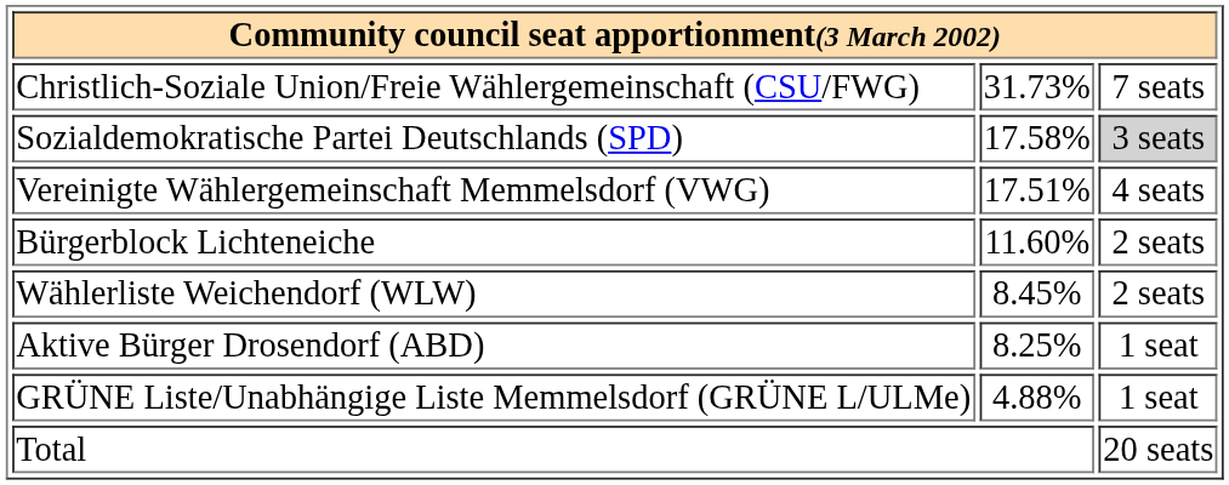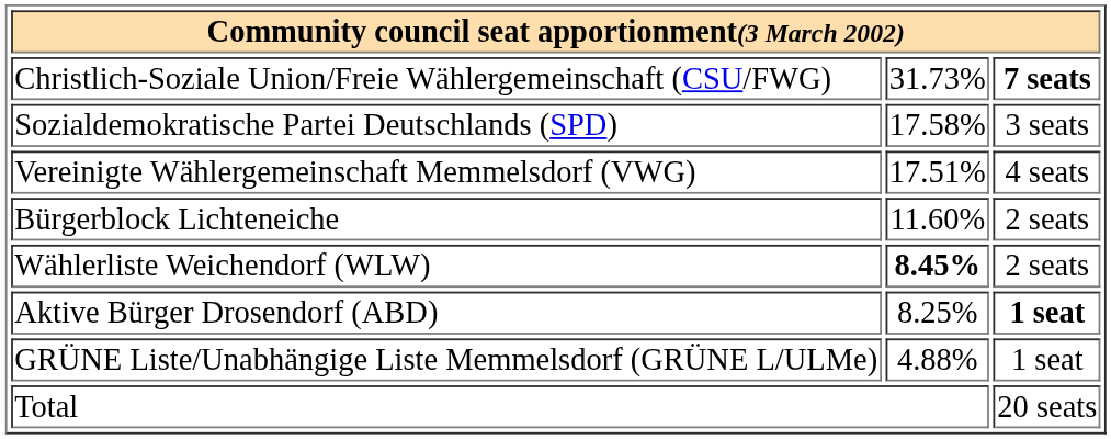 <table border="1" style="margin:auto;">
 <tr>
 <th colspan="3" style="background:#ffdead;">Community council seat apportionment<em><small>(3 March 2002)</small></em></th>
 </tr>
 <tr>
 <td>Christlich-Soziale Union/Freie Wählergemeinschaft (<a href='#'>CSU</a>/FWG)</td>
 <td style="text-align:center;">31.73%</td>
-<td style="text-align:center;">7 seats</td>
+<td style="text-align:center;"><strong>7 seats</strong></td>
 </tr>
 <tr>
 <td>Sozialdemokratische Partei Deutschlands (<a href='#'>SPD</a>)</td>
 <td style="text-align:center;">17.58%</td>
-<td style="background: lightgrey; text-align:center;">3 seats</td>
+<td style="text-align:center;">3 seats</td>
 </tr>
 <tr>
 <td>Vereinigte Wählergemeinschaft Memmelsdorf (VWG)</td>
 <td style="text-align:center;">17.51%</td>
 <td style="text-align:center;">4 seats</td>
 </tr>
 <tr>
 <td>Bürgerblock Lichteneiche</td>
 <td style="text-align:center;">11.60%</td>
 <td style="text-align:center;">2 seats</td>
 </tr>
 <tr>
 <td>Wählerliste Weichendorf (WLW)</td>
-<td style="text-align:center;">8.45%</td>
+<td style="text-align:center;"><strong>8.45%</strong></td>
 <td style="text-align:center;">2 seats</td>
 </tr>
 <tr>
 <td>Aktive Bürger Drosendorf (ABD)</td>
 <td style="text-align:center;">8.25%</td>
-<td style="text-align:center;">1 seat</td>
+<td style="text-align:center;"><strong>1 seat</strong></td>
 </tr>
 <tr>
 <td>GRÜNE Liste/Unabhängige Liste Memmelsdorf (GRÜNE L/ULMe)</td>
 <td style="text-align:center;">4.88%</td>
 <td style="text-align:center;">1 seat</td>
 </tr>
 <tr>
 <td colspan=2>Total</td>
 <td>20 seats</td>
 </tr>
 </table>
